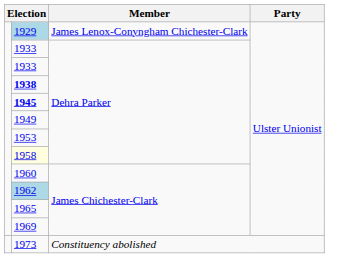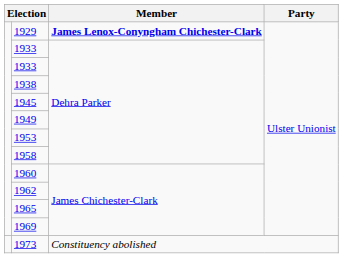 <table class="wikitable">
 <tr>
 <th colspan="2">Election</th>
 <th>Member</th>
 <th>Party</th>
 </tr>
 <tr>
 <td rowspan="12" style="background-color: "></td>
-<td style="background: lightblue;"><a href='#'>1929</a></td>
-<td rowspan="1"><a href='#'>James Lenox-Conyngham Chichester-Clark</a></td>
+<td><a href='#'>1929</a></td>
+<td rowspan="1"><strong><a href='#'>James Lenox-Conyngham Chichester-Clark</a></strong></td>
 <td rowspan="12"><a href='#'>Ulster Unionist</a></td>
 </tr>
 <tr>
 <td><a href='#'>1933</a></td>
 <td rowspan="7"><a href='#'>Dehra Parker</a></td>
 </tr>
 <tr>
 <td><a href='#'>1933</a></td>
 </tr>
 <tr>
-<td><strong><a href='#'>1938</a></strong></td>
+<td><a href='#'>1938</a></td>
 </tr>
 <tr>
-<td><strong><a href='#'>1945</a></strong></td>
+<td><a href='#'>1945</a></td>
 </tr>
 <tr>
 <td><a href='#'>1949</a></td>
 </tr>
 <tr>
 <td><a href='#'>1953</a></td>
 </tr>
 <tr>
-<td style="background: lightyellow;"><a href='#'>1958</a></td>
+<td><a href='#'>1958</a></td>
 </tr>
 <tr>
 <td><a href='#'>1960</a></td>
 <td rowspan="4"><a href='#'>James Chichester-Clark</a></td>
 </tr>
 <tr>
-<td style="background: lightblue;"><a href='#'>1962</a></td>
+<td><a href='#'>1962</a></td>
 </tr>
 <tr>
 <td><a href='#'>1965</a></td>
 </tr>
 <tr>
 <td><a href='#'>1969</a></td>
 </tr>
 <tr>
 <td></td>
 <td><a href='#'>1973</a></td>
 <td colspan="3"><em>Constituency abolished</em></td>
 </tr>
 </table>
